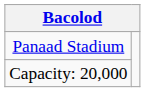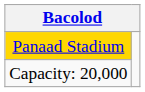 <table class="wikitable" style="text-align:center; margin: 0.5em auto;">
 <tr>
 <th colspan=2><a href='#'>Bacolod</a></th>
 </tr>
 <tr>
-<td><a href='#'>Panaad Stadium</a></td>
+<td style="background: gold;"><a href='#'>Panaad Stadium</a></td>
 <td rowspan=2></td>
 </tr>
 <tr>
 <td>Capacity: 20,000</td>
 </tr>
 </table>
